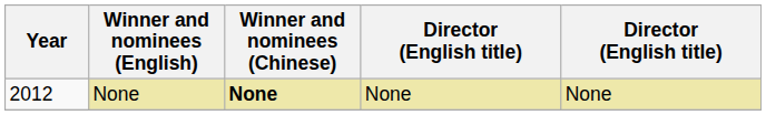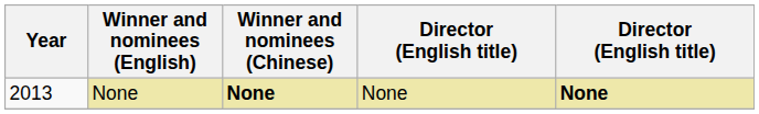 <table class="wikitable" style="width:100%;">
 <tr style="background:#bebebe">
 <th width="100"><strong>Year</strong></th>
 <th width="150"><strong>Winner and nominees<br>(English)</strong></th>
 <th width="150"><strong>Winner and nominees<br>(Chinese)</strong></th>
 <th width="300"><strong>Director<br>(English title)</strong></th>
 <th width="300"><strong>Director<br>(English title)</strong></th>
 </tr>
 <tr>
-<td rowspan="1">2012</td>
+<td rowspan="1">2013</td>
 <td style="background:#EEE8AA;">None</td>
 <td style="background:#EEE8AA;"><strong>None</strong></td>
 <td style="background:#EEE8AA;">None</td>
-<td style="background:#EEE8AA;">None</td>
+<td style="background:#EEE8AA;"><strong>None</strong></td>
 </tr>
 <tr>
 </tr>
 </table>
